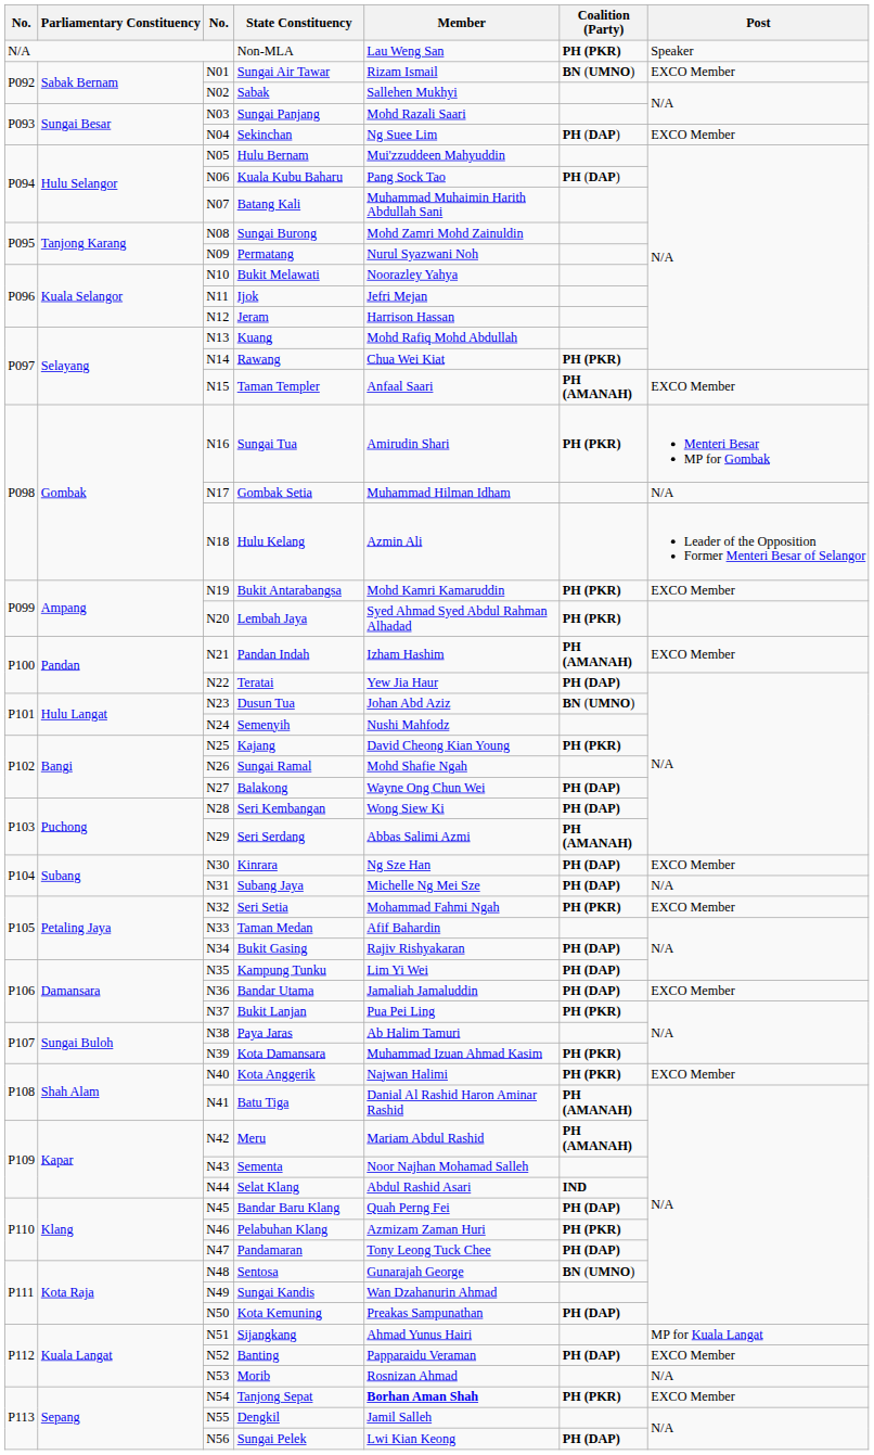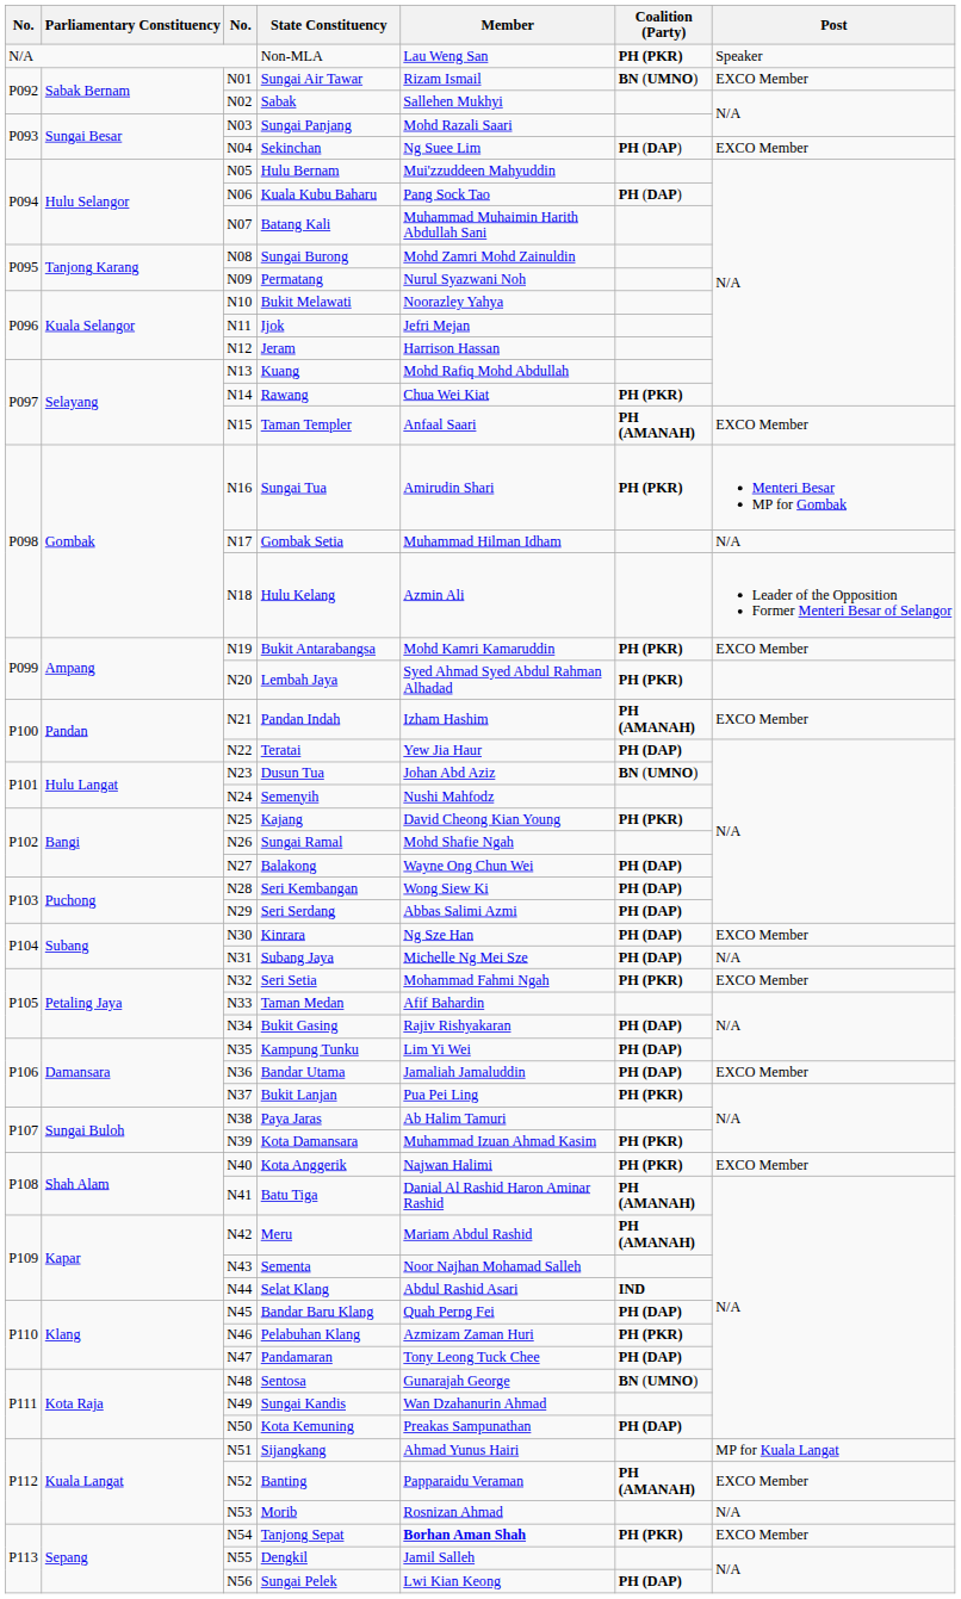 <table class="wikitable">
 <tr>
 <th>No.</th>
 <th>Parliamentary Constituency</th>
 <th width="30">No.</th>
 <th width="150">State Constituency</th>
 <th width="230">Member</th>
 <th width="100">Coalition (Party)</th>
 <th>Post</th>
 </tr>
 <tr>
 <td colspan="3">N/A</td>
 <td>Non-MLA</td>
 <td><a href='#'>Lau Weng San</a></td>
 <td><strong>PH (PKR)</strong></td>
 <td>Speaker</td>
 </tr>
 <tr>
 <td rowspan="2">P092</td>
 <td rowspan="2"><a href='#'>Sabak Bernam</a></td>
 <td>N01</td>
 <td><a href='#'>Sungai Air Tawar</a></td>
 <td><a href='#'>Rizam Ismail</a></td>
 <td><strong>BN</strong> (<strong>UMNO</strong>)</td>
 <td>EXCO Member</td>
 </tr>
 <tr>
 <td>N02</td>
 <td><a href='#'>Sabak</a></td>
 <td><a href='#'>Sallehen Mukhyi</a></td>
 <td></td>
 <td rowspan="2">N/A</td>
 </tr>
 <tr>
 <td rowspan="2">P093</td>
 <td rowspan="2"><a href='#'>Sungai Besar</a></td>
 <td>N03</td>
 <td><a href='#'>Sungai Panjang</a></td>
 <td><a href='#'>Mohd Razali Saari</a></td>
 <td></td>
 </tr>
 <tr>
 <td>N04</td>
 <td><a href='#'>Sekinchan</a></td>
 <td><a href='#'>Ng Suee Lim</a></td>
 <td><strong>PH</strong> (<strong>DAP</strong>)</td>
 <td>EXCO Member</td>
 </tr>
 <tr>
 <td rowspan="3">P094</td>
 <td rowspan="3"><a href='#'>Hulu Selangor</a></td>
 <td>N05</td>
 <td><a href='#'>Hulu Bernam</a></td>
 <td><a href='#'>Mui'zzuddeen Mahyuddin</a></td>
 <td></td>
 <td rowspan="10">N/A</td>
 </tr>
 <tr>
 <td>N06</td>
 <td><a href='#'>Kuala Kubu Baharu</a></td>
 <td><a href='#'>Pang Sock Tao</a></td>
 <td><strong>PH</strong> (<strong>DAP</strong>)</td>
 </tr>
 <tr>
 <td>N07</td>
 <td><a href='#'>Batang Kali</a></td>
 <td><a href='#'>Muhammad Muhaimin Harith Abdullah Sani</a></td>
 <td></td>
 </tr>
 <tr>
 <td rowspan="2">P095</td>
 <td rowspan="2"><a href='#'>Tanjong Karang</a></td>
 <td>N08</td>
 <td><a href='#'>Sungai Burong</a></td>
 <td><a href='#'>Mohd Zamri Mohd Zainuldin</a></td>
 <td></td>
 </tr>
 <tr>
 <td>N09</td>
 <td><a href='#'>Permatang</a></td>
 <td><a href='#'>Nurul Syazwani Noh</a></td>
 <td></td>
 </tr>
 <tr>
 <td rowspan="3">P096</td>
 <td rowspan="3"><a href='#'>Kuala Selangor</a></td>
 <td>N10</td>
 <td><a href='#'>Bukit Melawati</a></td>
 <td><a href='#'>Noorazley Yahya</a></td>
 <td></td>
 </tr>
 <tr>
 <td>N11</td>
 <td><a href='#'>Ijok</a></td>
 <td><a href='#'>Jefri Mejan</a></td>
 <td></td>
 </tr>
 <tr>
 <td>N12</td>
 <td><a href='#'>Jeram</a></td>
 <td><a href='#'>Harrison Hassan</a></td>
 <td></td>
 </tr>
 <tr>
 <td rowspan="3">P097</td>
 <td rowspan="3"><a href='#'>Selayang</a></td>
 <td>N13</td>
 <td><a href='#'>Kuang</a></td>
 <td><a href='#'>Mohd Rafiq Mohd Abdullah</a></td>
 <td></td>
 </tr>
 <tr>
 <td>N14</td>
 <td><a href='#'>Rawang</a></td>
 <td><a href='#'>Chua Wei Kiat</a></td>
 <td><strong>PH (PKR)</strong></td>
 </tr>
 <tr>
 <td>N15</td>
 <td><a href='#'>Taman Templer</a></td>
 <td><a href='#'>Anfaal Saari</a></td>
 <td><strong>PH (AMANAH)</strong></td>
 <td>EXCO Member</td>
 </tr>
 <tr>
 <td rowspan="3">P098</td>
 <td rowspan="3"><a href='#'>Gombak</a></td>
 <td>N16</td>
 <td><a href='#'>Sungai Tua</a></td>
 <td><a href='#'>Amirudin Shari</a></td>
 <td><strong>PH (PKR)</strong></td>
 <td><br><ul><li><a href='#'>Menteri Besar</a></li><li>MP for <a href='#'>Gombak</a></li></ul></td>
 </tr>
 <tr>
 <td>N17</td>
 <td><a href='#'>Gombak Setia</a></td>
 <td><a href='#'>Muhammad Hilman Idham</a></td>
 <td></td>
 <td>N/A</td>
 </tr>
 <tr>
 <td>N18</td>
 <td><a href='#'>Hulu Kelang</a></td>
 <td><a href='#'>Azmin Ali</a></td>
 <td></td>
 <td><br><ul><li>Leader of the Opposition</li><li>Former <a href='#'>Menteri Besar of Selangor</a></li></ul></td>
 </tr>
 <tr>
 <td rowspan="2">P099</td>
 <td rowspan="2"><a href='#'>Ampang</a></td>
 <td>N19</td>
 <td><a href='#'>Bukit Antarabangsa</a></td>
 <td><a href='#'>Mohd Kamri Kamaruddin</a></td>
 <td><strong>PH (PKR)</strong></td>
 <td>EXCO Member</td>
 </tr>
 <tr>
 <td>N20</td>
 <td><a href='#'>Lembah Jaya</a></td>
 <td><a href='#'>Syed Ahmad Syed Abdul Rahman Alhadad</a></td>
 <td><strong>PH (PKR)</strong></td>
 <td></td>
 </tr>
 <tr>
 <td rowspan="2">P100</td>
 <td rowspan="2"><a href='#'>Pandan</a></td>
 <td>N21</td>
 <td><a href='#'>Pandan Indah</a></td>
 <td><a href='#'>Izham Hashim</a></td>
 <td><strong>PH (AMANAH)</strong></td>
 <td>EXCO Member</td>
 </tr>
 <tr>
 <td>N22</td>
 <td><a href='#'>Teratai</a></td>
 <td><a href='#'>Yew Jia Haur</a></td>
 <td><strong>PH (DAP)</strong></td>
 <td rowspan="8">N/A</td>
 </tr>
 <tr>
 <td rowspan="2">P101</td>
 <td rowspan="2"><a href='#'>Hulu Langat</a></td>
 <td>N23</td>
 <td><a href='#'>Dusun Tua</a></td>
 <td><a href='#'>Johan Abd Aziz</a></td>
 <td><strong>BN</strong> (<strong>UMNO</strong>)</td>
 </tr>
 <tr>
 <td>N24</td>
 <td><a href='#'>Semenyih</a></td>
 <td><a href='#'>Nushi Mahfodz</a></td>
 <td></td>
 </tr>
 <tr>
 <td rowspan="3">P102</td>
 <td rowspan="3"><a href='#'>Bangi</a></td>
 <td>N25</td>
 <td><a href='#'>Kajang</a></td>
 <td><a href='#'>David Cheong Kian Young</a></td>
 <td><strong>PH (PKR)</strong></td>
 </tr>
 <tr>
 <td>N26</td>
 <td><a href='#'>Sungai Ramal</a></td>
 <td><a href='#'>Mohd Shafie Ngah</a></td>
 <td></td>
 </tr>
 <tr>
 <td>N27</td>
 <td><a href='#'>Balakong</a></td>
 <td><a href='#'>Wayne Ong Chun Wei</a></td>
 <td><strong>PH (DAP)</strong></td>
 </tr>
 <tr>
 <td rowspan="2">P103</td>
 <td rowspan="2"><a href='#'>Puchong</a></td>
 <td>N28</td>
 <td><a href='#'>Seri Kembangan</a></td>
 <td><a href='#'>Wong Siew Ki</a></td>
 <td><strong>PH (DAP)</strong></td>
 </tr>
 <tr>
 <td>N29</td>
 <td><a href='#'>Seri Serdang</a></td>
 <td><a href='#'>Abbas Salimi Azmi</a></td>
-<td><strong>PH (AMANAH)</strong></td>
+<td><strong>PH (DAP)</strong></td>
 </tr>
 <tr>
 <td rowspan="2">P104</td>
 <td rowspan="2"><a href='#'>Subang</a></td>
 <td>N30</td>
 <td><a href='#'>Kinrara</a></td>
 <td><a href='#'>Ng Sze Han</a></td>
 <td><strong>PH (DAP)</strong></td>
 <td>EXCO Member</td>
 </tr>
 <tr>
 <td>N31</td>
 <td><a href='#'>Subang Jaya</a></td>
 <td><a href='#'>Michelle Ng Mei Sze</a></td>
 <td><strong>PH (DAP)</strong></td>
 <td>N/A</td>
 </tr>
 <tr>
 <td rowspan="3">P105</td>
 <td rowspan="3"><a href='#'>Petaling Jaya</a></td>
 <td>N32</td>
 <td><a href='#'>Seri Setia</a></td>
 <td><a href='#'>Mohammad Fahmi Ngah</a></td>
 <td><strong>PH (PKR)</strong></td>
 <td>EXCO Member</td>
 </tr>
 <tr>
 <td>N33</td>
 <td><a href='#'>Taman Medan</a></td>
 <td><a href='#'>Afif Bahardin</a></td>
 <td></td>
 <td rowspan="3">N/A</td>
 </tr>
 <tr>
 <td>N34</td>
 <td><a href='#'>Bukit Gasing</a></td>
 <td><a href='#'>Rajiv Rishyakaran</a></td>
 <td><strong>PH (DAP)</strong></td>
 </tr>
 <tr>
 <td rowspan="3">P106</td>
 <td rowspan="3"><a href='#'>Damansara</a></td>
 <td>N35</td>
 <td><a href='#'>Kampung Tunku</a></td>
 <td><a href='#'>Lim Yi Wei</a></td>
 <td><strong>PH (DAP)</strong></td>
 </tr>
 <tr>
 <td>N36</td>
 <td><a href='#'>Bandar Utama</a></td>
 <td><a href='#'>Jamaliah Jamaluddin</a></td>
 <td><strong>PH (DAP)</strong></td>
 <td>EXCO Member</td>
 </tr>
 <tr>
 <td>N37</td>
 <td><a href='#'>Bukit Lanjan</a></td>
 <td><a href='#'>Pua Pei Ling</a></td>
 <td><strong>PH (PKR)</strong></td>
 <td rowspan="3">N/A</td>
 </tr>
 <tr>
 <td rowspan="2">P107</td>
 <td rowspan="2"><a href='#'>Sungai Buloh</a></td>
 <td>N38</td>
 <td><a href='#'>Paya Jaras</a></td>
 <td><a href='#'>Ab Halim Tamuri</a></td>
 <td></td>
 </tr>
 <tr>
 <td>N39</td>
 <td><a href='#'>Kota Damansara</a></td>
 <td><a href='#'>Muhammad Izuan Ahmad Kasim</a></td>
 <td><strong>PH (PKR)</strong></td>
 </tr>
 <tr>
 <td rowspan="2">P108</td>
 <td rowspan="2"><a href='#'>Shah Alam</a></td>
 <td>N40</td>
 <td><a href='#'>Kota Anggerik</a></td>
 <td><a href='#'>Najwan Halimi</a></td>
 <td><strong>PH (PKR)</strong></td>
 <td>EXCO Member</td>
 </tr>
 <tr>
 <td>N41</td>
 <td><a href='#'>Batu Tiga</a></td>
 <td><a href='#'>Danial Al Rashid Haron Aminar Rashid</a></td>
 <td><strong>PH (AMANAH)</strong></td>
 <td rowspan="10">N/A</td>
 </tr>
 <tr>
 <td rowspan="3">P109</td>
 <td rowspan="3"><a href='#'>Kapar</a></td>
 <td>N42</td>
 <td><a href='#'>Meru</a></td>
 <td><a href='#'>Mariam Abdul Rashid</a></td>
 <td><strong>PH</strong> <strong>(AMANAH)</strong></td>
 </tr>
 <tr>
 <td>N43</td>
 <td><a href='#'>Sementa</a></td>
 <td><a href='#'>Noor Najhan Mohamad Salleh</a></td>
 <td></td>
 </tr>
 <tr>
 <td>N44</td>
 <td><a href='#'>Selat Klang</a></td>
 <td><a href='#'>Abdul Rashid Asari</a></td>
 <td><strong>IND</strong></td>
 </tr>
 <tr>
 <td rowspan="3">P110</td>
 <td rowspan="3"><a href='#'>Klang</a></td>
 <td>N45</td>
 <td><a href='#'>Bandar Baru Klang</a></td>
 <td><a href='#'>Quah Perng Fei</a></td>
 <td><strong>PH (DAP)</strong></td>
 </tr>
 <tr>
 <td>N46</td>
 <td><a href='#'>Pelabuhan Klang</a></td>
 <td><a href='#'>Azmizam Zaman Huri</a></td>
 <td><strong>PH (PKR)</strong></td>
 </tr>
 <tr>
 <td>N47</td>
 <td><a href='#'>Pandamaran</a></td>
 <td><a href='#'>Tony Leong Tuck Chee</a></td>
 <td><strong>PH (DAP)</strong></td>
 </tr>
 <tr>
 <td rowspan="3">P111</td>
 <td rowspan="3"><a href='#'>Kota Raja</a></td>
 <td>N48</td>
 <td><a href='#'>Sentosa</a></td>
 <td><a href='#'>Gunarajah George</a></td>
 <td><strong>BN</strong> (<strong>UMNO</strong>)</td>
 </tr>
 <tr>
 <td>N49</td>
 <td><a href='#'>Sungai Kandis</a></td>
 <td><a href='#'>Wan Dzahanurin Ahmad</a></td>
 <td></td>
 </tr>
 <tr>
 <td>N50</td>
 <td><a href='#'>Kota Kemuning</a></td>
 <td><a href='#'>Preakas Sampunathan</a></td>
 <td><strong>PH (DAP)</strong></td>
 </tr>
 <tr>
 <td rowspan="3">P112</td>
 <td rowspan="3"><a href='#'>Kuala Langat</a></td>
 <td>N51</td>
 <td><a href='#'>Sijangkang</a></td>
 <td><a href='#'>Ahmad Yunus Hairi</a></td>
 <td></td>
 <td>MP for <a href='#'>Kuala Langat</a></td>
 </tr>
 <tr>
 <td>N52</td>
 <td><a href='#'>Banting</a></td>
 <td><a href='#'>Papparaidu Veraman</a></td>
-<td><strong>PH (DAP)</strong></td>
+<td><strong>PH (AMANAH)</strong></td>
 <td>EXCO Member</td>
 </tr>
 <tr>
 <td>N53</td>
 <td><a href='#'>Morib</a></td>
 <td><a href='#'>Rosnizan Ahmad</a></td>
 <td></td>
 <td>N/A</td>
 </tr>
 <tr>
 <td rowspan="3">P113</td>
 <td rowspan="3"><a href='#'>Sepang</a></td>
 <td>N54</td>
 <td><a href='#'>Tanjong Sepat</a></td>
 <td><strong><a href='#'>Borhan Aman Shah</a></strong></td>
 <td><strong>PH (PKR)</strong></td>
 <td>EXCO Member</td>
 </tr>
 <tr>
 <td>N55</td>
 <td><a href='#'>Dengkil</a></td>
 <td><a href='#'>Jamil Salleh</a></td>
 <td></td>
 <td rowspan="2">N/A</td>
 </tr>
 <tr>
 <td>N56</td>
 <td><a href='#'>Sungai Pelek</a></td>
 <td><a href='#'>Lwi Kian Keong</a></td>
 <td><strong>PH (DAP)</strong></td>
 </tr>
 </table>
